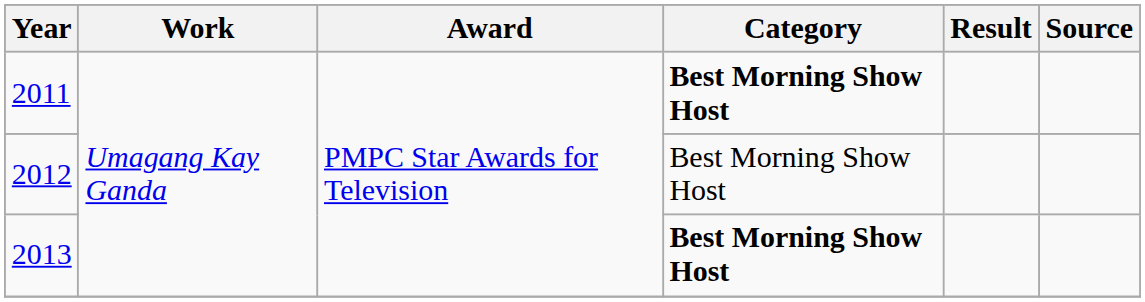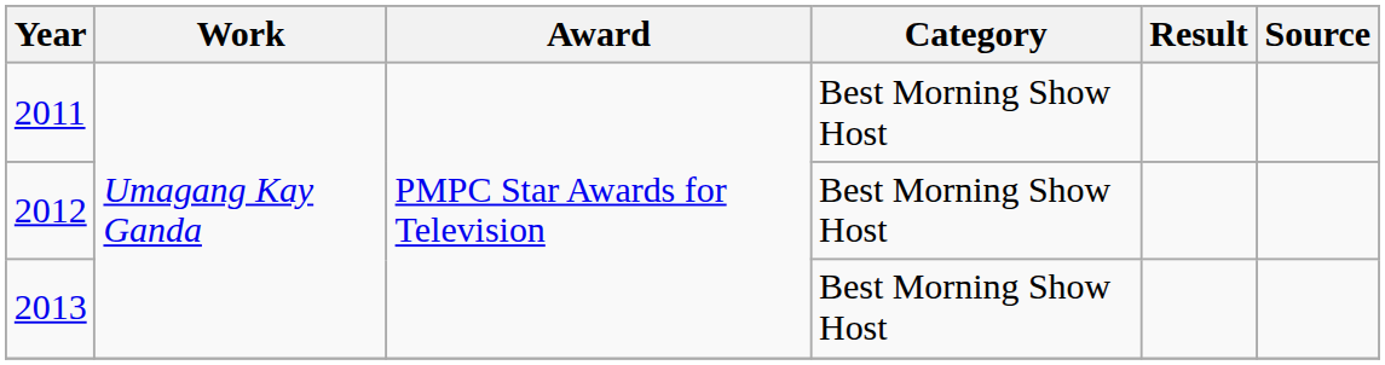 <table class="wikitable">
 <tr>
 <th>Year</th>
 <th>Work</th>
 <th>Award</th>
 <th>Category</th>
 <th>Result</th>
 <th>Source </th>
 </tr>
 <tr>
 <td><a href='#'>2011</a></td>
 <td rowspan="3"><em><a href='#'>Umagang Kay Ganda</a></em></td>
 <td rowspan="3"><a href='#'>PMPC Star Awards for Television</a></td>
-<td><strong>Best Morning Show Host</strong></td>
+<td>Best Morning Show Host</td>
 <td></td>
 <td></td>
 </tr>
 <tr>
 <td><a href='#'>2012</a></td>
 <td>Best Morning Show Host</td>
 <td></td>
 <td></td>
 </tr>
 <tr>
 <td><a href='#'>2013</a></td>
-<td><strong>Best Morning Show Host</strong></td>
+<td>Best Morning Show Host</td>
 <td></td>
 <td></td>
 </tr>
 <tr>
 </tr>
 </table>
